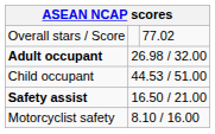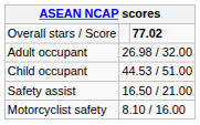 <table class="wikitable">
 <tr>
 <th colspan="3"><a href='#'>ASEAN NCAP</a> scores</th>
 </tr>
 <tr>
 <td>Overall stars / Score</td>
 <td></td>
-<td>77.02</td>
+<td><strong>77.02</strong></td>
 </tr>
 <tr>
-<td><strong>Adult occupant</strong></td>
+<td>Adult occupant</td>
 <td colspan="2">26.98 / 32.00</td>
 </tr>
 <tr>
 <td>Child occupant</td>
 <td colspan="2">44.53 / 51.00</td>
 </tr>
 <tr>
-<td><strong>Safety assist</strong></td>
+<td>Safety assist</td>
 <td colspan="2">16.50 / 21.00</td>
 </tr>
 <tr>
 <td>Motorcyclist safety</td>
 <td colspan="2">8.10 / 16.00</td>
 </tr>
 </table>
